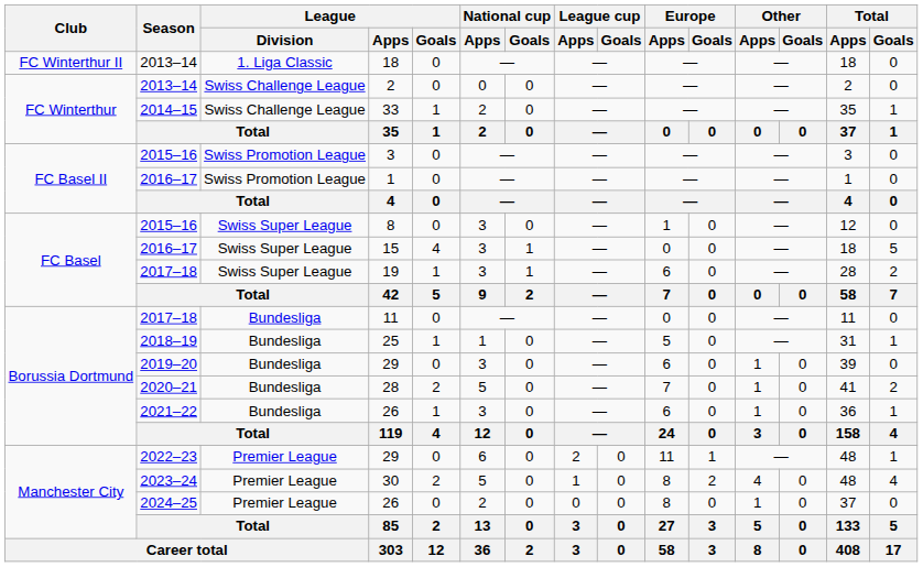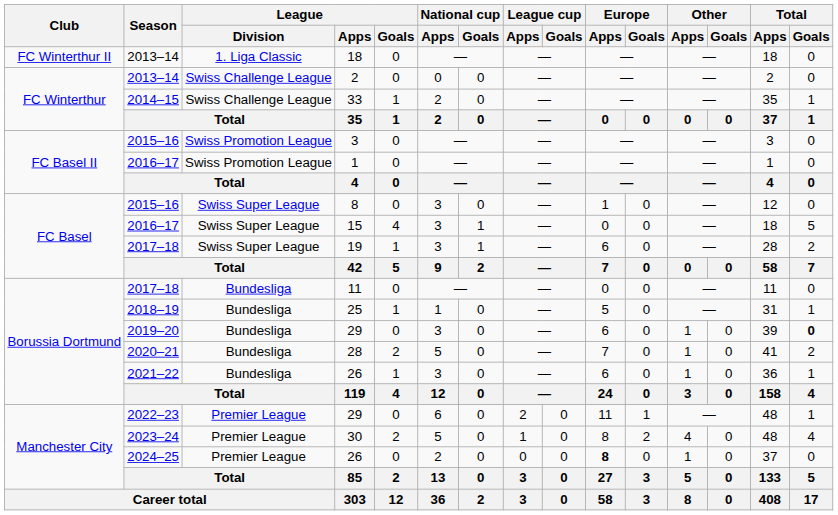 <table class="wikitable" style="text-align: center;">
 <tr>
 <th rowspan="2">Club</th>
 <th rowspan="2">Season</th>
 <th colspan="3">League</th>
 <th colspan="2">National cup</th>
 <th colspan="2">League cup</th>
 <th colspan="2">Europe</th>
 <th colspan="2">Other</th>
 <th colspan="2">Total</th>
 </tr>
 <tr>
 <th>Division</th>
 <th>Apps</th>
 <th>Goals</th>
 <th>Apps</th>
 <th>Goals</th>
 <th>Apps</th>
 <th>Goals</th>
 <th>Apps</th>
 <th>Goals</th>
 <th>Apps</th>
 <th>Goals</th>
 <th>Apps</th>
 <th>Goals</th>
 </tr>
 <tr>
 <td><a href='#'>FC Winterthur II</a></td>
 <td>2013–14</td>
 <td><a href='#'>1. Liga Classic</a></td>
 <td>18</td>
 <td>0</td>
 <td colspan="2">—</td>
 <td colspan="2">—</td>
 <td colspan="2">—</td>
 <td colspan="2">—</td>
 <td>18</td>
 <td>0</td>
 </tr>
 <tr>
 <td rowspan="3"><a href='#'>FC Winterthur</a></td>
 <td><a href='#'>2013–14</a></td>
 <td><a href='#'>Swiss Challenge League</a></td>
 <td>2</td>
 <td>0</td>
 <td>0</td>
 <td>0</td>
 <td colspan="2">—</td>
 <td colspan="2">—</td>
 <td colspan="2">—</td>
 <td>2</td>
 <td>0</td>
 </tr>
 <tr>
 <td><a href='#'>2014–15</a></td>
 <td>Swiss Challenge League</td>
 <td>33</td>
 <td>1</td>
 <td>2</td>
 <td>0</td>
 <td colspan="2">—</td>
 <td colspan="2">—</td>
 <td colspan="2">—</td>
 <td>35</td>
 <td>1</td>
 </tr>
 <tr>
 <th colspan="2">Total</th>
 <th>35</th>
 <th>1</th>
 <th>2</th>
 <th>0</th>
 <th colspan="2">—</th>
 <th>0</th>
 <th>0</th>
 <th>0</th>
 <th>0</th>
 <th>37</th>
 <th>1</th>
 </tr>
 <tr>
 <td rowspan="3"><a href='#'>FC Basel II</a></td>
 <td><a href='#'>2015–16</a></td>
 <td><a href='#'>Swiss Promotion League</a></td>
 <td>3</td>
 <td>0</td>
 <td colspan="2">—</td>
 <td colspan="2">—</td>
 <td colspan="2">—</td>
 <td colspan="2">—</td>
 <td>3</td>
 <td>0</td>
 </tr>
 <tr>
 <td><a href='#'>2016–17</a></td>
 <td>Swiss Promotion League</td>
 <td>1</td>
 <td>0</td>
 <td colspan="2">—</td>
 <td colspan="2">—</td>
 <td colspan="2">—</td>
 <td colspan="2">—</td>
 <td>1</td>
 <td>0</td>
 </tr>
 <tr>
 <th colspan="2">Total</th>
 <th>4</th>
 <th>0</th>
 <th colspan="2">—</th>
 <th colspan="2">—</th>
 <th colspan="2">—</th>
 <th colspan="2">—</th>
 <th>4</th>
 <th>0</th>
 </tr>
 <tr>
 <td rowspan="4"><a href='#'>FC Basel</a></td>
 <td><a href='#'>2015–16</a></td>
 <td><a href='#'>Swiss Super League</a></td>
 <td>8</td>
 <td>0</td>
 <td>3</td>
 <td>0</td>
 <td colspan="2">—</td>
 <td>1</td>
 <td>0</td>
 <td colspan="2">—</td>
 <td>12</td>
 <td>0</td>
 </tr>
 <tr>
 <td><a href='#'>2016–17</a></td>
 <td>Swiss Super League</td>
 <td>15</td>
 <td>4</td>
 <td>3</td>
 <td>1</td>
 <td colspan="2">—</td>
 <td>0</td>
 <td>0</td>
 <td colspan="2">—</td>
 <td>18</td>
 <td>5</td>
 </tr>
 <tr>
 <td><a href='#'>2017–18</a></td>
 <td>Swiss Super League</td>
 <td>19</td>
 <td>1</td>
 <td>3</td>
 <td>1</td>
 <td colspan="2">—</td>
 <td>6</td>
 <td>0</td>
 <td colspan="2">—</td>
 <td>28</td>
 <td>2</td>
 </tr>
 <tr>
 <th colspan="2">Total</th>
 <th>42</th>
 <th>5</th>
 <th>9</th>
 <th>2</th>
 <th colspan="2">—</th>
 <th>7</th>
 <th>0</th>
 <th>0</th>
 <th>0</th>
 <th>58</th>
 <th>7</th>
 </tr>
 <tr>
 <td rowspan="6"><a href='#'>Borussia Dortmund</a></td>
 <td><a href='#'>2017–18</a></td>
 <td><a href='#'>Bundesliga</a></td>
 <td>11</td>
 <td>0</td>
 <td colspan="2">—</td>
 <td colspan="2">—</td>
 <td>0</td>
 <td>0</td>
 <td colspan="2">—</td>
 <td>11</td>
 <td>0</td>
 </tr>
 <tr>
 <td><a href='#'>2018–19</a></td>
 <td>Bundesliga</td>
 <td>25</td>
 <td>1</td>
 <td>1</td>
 <td>0</td>
 <td colspan="2">—</td>
 <td>5</td>
 <td>0</td>
 <td colspan="2">—</td>
 <td>31</td>
 <td>1</td>
 </tr>
 <tr>
 <td><a href='#'>2019–20</a></td>
 <td>Bundesliga</td>
 <td>29</td>
 <td>0</td>
 <td>3</td>
 <td>0</td>
 <td colspan="2">—</td>
 <td>6</td>
 <td>0</td>
 <td>1</td>
 <td>0</td>
 <td>39</td>
-<td>0</td>
+<td><strong>0</strong></td>
 </tr>
 <tr>
 <td><a href='#'>2020–21</a></td>
 <td>Bundesliga</td>
 <td>28</td>
 <td>2</td>
 <td>5</td>
 <td>0</td>
 <td colspan="2">—</td>
 <td>7</td>
 <td>0</td>
 <td>1</td>
 <td>0</td>
 <td>41</td>
 <td>2</td>
 </tr>
 <tr>
 <td><a href='#'>2021–22</a></td>
 <td>Bundesliga</td>
 <td>26</td>
 <td>1</td>
 <td>3</td>
 <td>0</td>
 <td colspan="2">—</td>
 <td>6</td>
 <td>0</td>
 <td>1</td>
 <td>0</td>
 <td>36</td>
 <td>1</td>
 </tr>
 <tr>
 <th colspan="2">Total</th>
 <th>119</th>
 <th>4</th>
 <th>12</th>
 <th>0</th>
 <th colspan="2">—</th>
 <th>24</th>
 <th>0</th>
 <th>3</th>
 <th>0</th>
 <th>158</th>
 <th>4</th>
 </tr>
 <tr>
 <td rowspan="4"><a href='#'>Manchester City</a></td>
 <td><a href='#'>2022–23</a></td>
 <td><a href='#'>Premier League</a></td>
 <td>29</td>
 <td>0</td>
 <td>6</td>
 <td>0</td>
 <td>2</td>
 <td>0</td>
 <td>11</td>
 <td>1</td>
 <td colspan="2">—</td>
 <td>48</td>
 <td>1</td>
 </tr>
 <tr>
 <td><a href='#'>2023–24</a></td>
 <td>Premier League</td>
 <td>30</td>
 <td>2</td>
 <td>5</td>
 <td>0</td>
 <td>1</td>
 <td>0</td>
 <td>8</td>
 <td>2</td>
 <td>4</td>
 <td>0</td>
 <td>48</td>
 <td>4</td>
 </tr>
 <tr>
 <td><a href='#'>2024–25</a></td>
 <td>Premier League</td>
 <td>26</td>
 <td>0</td>
 <td>2</td>
 <td>0</td>
 <td>0</td>
 <td>0</td>
-<td>8</td>
+<td><strong>8</strong></td>
 <td>0</td>
 <td>1</td>
 <td>0</td>
 <td>37</td>
 <td>0</td>
 </tr>
 <tr>
 <th colspan="2">Total</th>
 <th>85</th>
 <th>2</th>
 <th>13</th>
 <th>0</th>
 <th>3</th>
 <th>0</th>
 <th>27</th>
 <th>3</th>
 <th>5</th>
 <th>0</th>
 <th>133</th>
 <th>5</th>
 </tr>
 <tr>
 <th colspan="3">Career total</th>
 <th>303</th>
 <th>12</th>
 <th>36</th>
 <th>2</th>
 <th>3</th>
 <th>0</th>
 <th>58</th>
 <th>3</th>
 <th>8</th>
 <th>0</th>
 <th>408</th>
 <th>17</th>
 </tr>
 </table>
